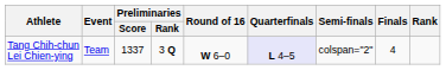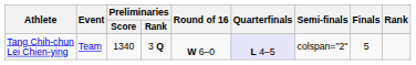 <table class="wikitable" style="font-size:90%; text-align:center">
 <tr>
 <th rowspan="2">Athlete</th>
 <th rowspan="2">Event</th>
 <th colspan="2">Preliminaries</th>
 <th rowspan="2">Round of 16</th>
 <th rowspan="2">Quarterfinals</th>
 <th rowspan="2">Semi-finals</th>
 <th rowspan="2">Finals</th>
 <th rowspan="2">Rank</th>
 </tr>
 <tr style="font-size:95%">
 <th>Score</th>
 <th>Rank</th>
 </tr>
 <tr>
 <td align="left"><a href='#'>Tang Chih-chun</a><br><a href='#'>Lei Chien-ying</a></td>
 <td align="left"><a href='#'>Team</a></td>
-<td>1337</td>
+<td>1340</td>
 <td>3 <strong>Q</strong></td>
 <td><br><strong>W</strong> 6–0</td>
 <td style="background: lavender;"><br><strong>L</strong> 4–5</td>
 <td>colspan="2" </td>
-<td>4</td>
+<td>5</td>
 </tr>
 </table>
